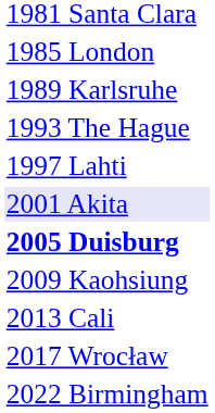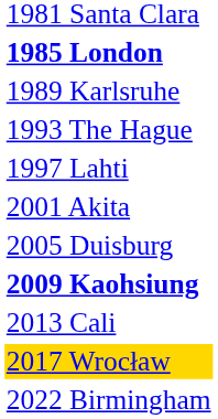 <table>
 <tr>
 <td><a href='#'>1981 Santa Clara</a></td>
 <td></td>
 <td></td>
 <td></td>
 </tr>
 <tr>
-<td><a href='#'>1985 London</a></td>
+<td><strong><a href='#'>1985 London</a></strong></td>
 <td></td>
 <td></td>
 <td></td>
 </tr>
 <tr>
 <td><a href='#'>1989 Karlsruhe</a></td>
 <td></td>
 <td></td>
 <td><br></td>
 </tr>
 <tr>
 <td><a href='#'>1993 The Hague</a></td>
 <td></td>
 <td></td>
 <td></td>
 </tr>
 <tr>
 <td><a href='#'>1997 Lahti</a></td>
 <td></td>
 <td></td>
 <td></td>
 </tr>
 <tr>
-<td style="background: lavender;"><a href='#'>2001 Akita</a></td>
+<td><a href='#'>2001 Akita</a></td>
 <td></td>
 <td></td>
 <td></td>
 </tr>
 <tr>
-<td><strong><a href='#'>2005 Duisburg</a></strong></td>
+<td><a href='#'>2005 Duisburg</a></td>
 <td></td>
 <td></td>
 <td></td>
 </tr>
 <tr>
-<td><a href='#'>2009 Kaohsiung</a></td>
+<td><strong><a href='#'>2009 Kaohsiung</a></strong></td>
 <td></td>
 <td></td>
 <td></td>
 </tr>
 <tr>
 <td><a href='#'>2013 Cali</a></td>
 <td></td>
 <td></td>
 <td></td>
 </tr>
 <tr>
-<td><a href='#'>2017 Wrocław</a></td>
+<td style="background: gold;"><a href='#'>2017 Wrocław</a></td>
 <td></td>
 <td></td>
 <td></td>
 </tr>
 <tr>
 <td><a href='#'>2022 Birmingham</a></td>
 <td></td>
 <td></td>
 <td></td>
 </tr>
 </table>
